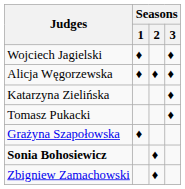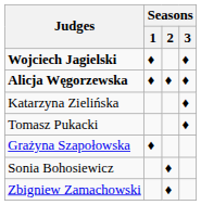 <table class="wikitable">
 <tr>
 <th rowspan="2">Judges</th>
 <th colspan="14">Seasons</th>
 </tr>
 <tr>
 <th>1</th>
 <th>2</th>
 <th>3</th>
 </tr>
 <tr>
-<td>Wojciech Jagielski</td>
+<td><strong>Wojciech Jagielski</strong></td>
 <td>♦</td>
 <td></td>
 <td>♦</td>
 </tr>
 <tr>
-<td>Alicja Węgorzewska</td>
+<td><strong>Alicja Węgorzewska</strong></td>
 <td>♦</td>
 <td>♦</td>
 <td>♦</td>
 </tr>
 <tr>
 <td>Katarzyna Zielińska</td>
 <td></td>
 <td></td>
 <td>♦</td>
 </tr>
 <tr>
 <td>Tomasz Pukacki</td>
 <td></td>
 <td></td>
 <td>♦</td>
 </tr>
 <tr>
 <td><a href='#'>Grażyna Szapołowska</a></td>
 <td>♦</td>
 <td></td>
 <td></td>
 </tr>
 <tr>
-<td><strong>Sonia Bohosiewicz</strong></td>
+<td>Sonia Bohosiewicz</td>
 <td></td>
 <td>♦</td>
 <td></td>
 </tr>
 <tr>
 <td><a href='#'>Zbigniew Zamachowski</a></td>
 <td></td>
 <td>♦</td>
 <td></td>
 </tr>
 </table>
